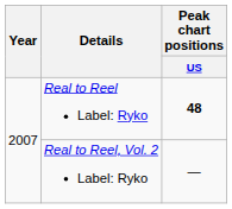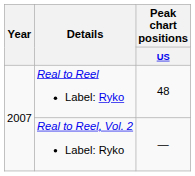 <table class="wikitable">
 <tr>
 <th rowspan=2>Year</th>
 <th rowspan=2>Details</th>
 <th colspan=1>Peak chart positions</th>
 </tr>
 <tr>
 <th style="width:2em"><small><a href='#'>US</a></small><br></th>
 </tr>
 <tr>
 <td rowspan="2">2007</td>
 <td><em><a href='#'>Real to Reel</a></em><br><ul><li>Label: <a href='#'>Ryko</a></li></ul></td>
-<td style="text-align:center;"><strong>48</strong></td>
+<td style="text-align:center;">48</td>
 </tr>
 <tr>
 <td><em><a href='#'>Real to Reel, Vol. 2</a></em><br><ul><li>Label: Ryko</li></ul></td>
 <td style="text-align:center;">—</td>
 </tr>
 </table>
